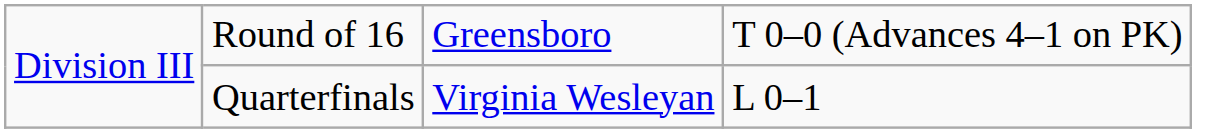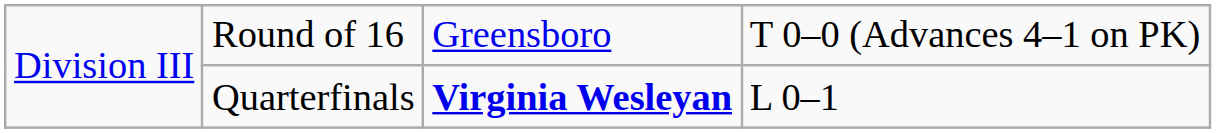 <table class="wikitable">
 <tr>
 <td rowspan="5"><a href='#'>Division III</a></td>
 <td>Round of 16</td>
 <td><a href='#'>Greensboro</a></td>
 <td>T 0–0  (Advances 4–1 on PK)</td>
 </tr>
 <tr>
 <td>Quarterfinals</td>
-<td><a href='#'>Virginia Wesleyan</a></td>
+<td><strong><a href='#'>Virginia Wesleyan</a></strong></td>
 <td>L 0–1 </td>
 </tr>
 </table>
